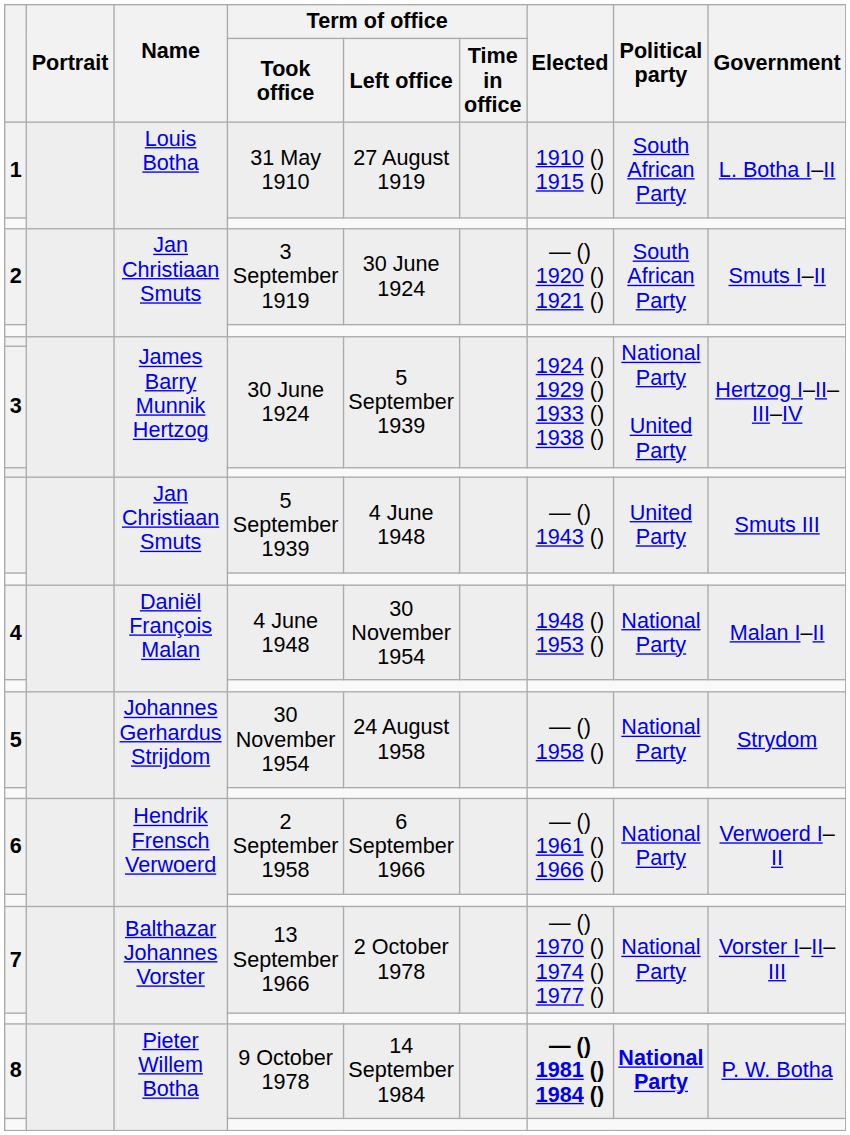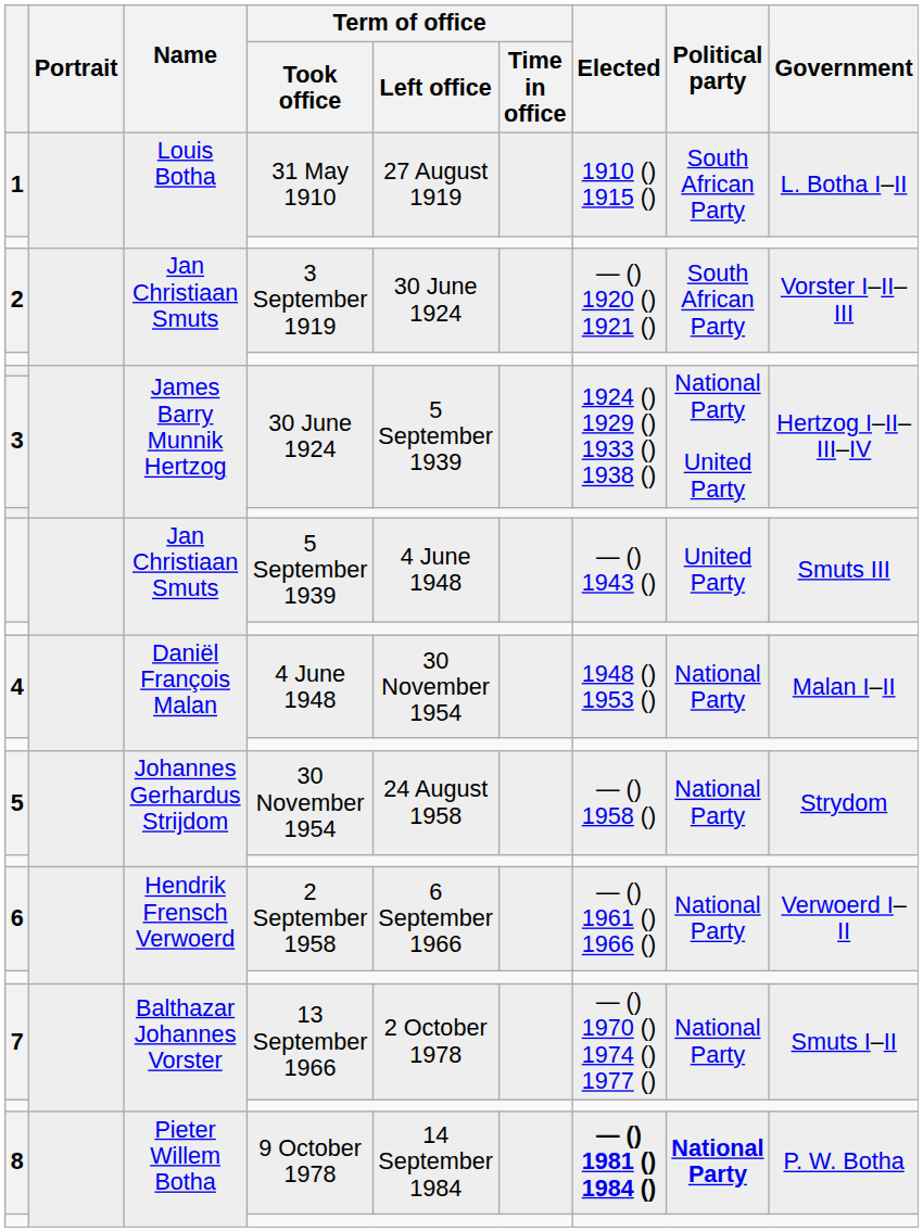 <table class="wikitable" style="width:100%; text-align:center;">
 <tr>
 <th rowspan="2"></th>
 <th rowspan="2" width=100px>Portrait</th>
 <th rowspan="2" width=25%>Name<br><br></th>
 <th colspan="3">Term of office</th>
 <th rowspan="2">Elected<br></th>
 <th rowspan="2">Political party</th>
 <th rowspan="2">Government</th>
 </tr>
 <tr>
 <th>Took office</th>
 <th>Left office</th>
 <th>Time in office</th>
 </tr>
 <tr style="background:#EEEEEE">
 <th style="background:">1</th>
 <td rowspan="2"></td>
 <td rowspan="2"><a href='#'>Louis Botha</a><br><br><br></td>
 <td>31 May 1910</td>
 <td>27 August 1919</td>
 <td></td>
 <td><a href='#'>1910</a> ()<br><a href='#'>1915</a> ()</td>
 <td><a href='#'>South African Party</a></td>
 <td><a href='#'>L. Botha I</a>–<a href='#'>II</a></td>
 </tr>
 <tr>
 <td colspan="6"></td>
 </tr>
 <tr style="background:#EEEEEE">
 <th style="background:">2</th>
 <td rowspan="2"></td>
 <td rowspan="2"><a href='#'>Jan Christiaan Smuts</a><br><br></td>
 <td>3 September 1919</td>
 <td>30 June 1924</td>
 <td></td>
 <td>— ()<br><a href='#'>1920</a> ()<br><a href='#'>1921</a> ()</td>
 <td><a href='#'>South African Party</a></td>
-<td><a href='#'>Smuts I</a>–<a href='#'>II</a></td>
+<td><a href='#'>Vorster I</a>–<a href='#'>II</a>–<a href='#'>III</a></td>
 </tr>
 <tr>
 <td colspan="6"></td>
 </tr>
 <tr style="background:#EEEEEE">
 <th style="background:"></th>
 <td rowspan="4"></td>
 <td rowspan="4"><a href='#'>James Barry Munnik Hertzog</a><br><br></td>
 <td rowspan="2">30 June 1924</td>
 <td rowspan="2">5 September 1939</td>
 <td rowspan="2"></td>
 <td rowspan="2"><a href='#'>1924</a> ()<br><a href='#'>1929</a> ()<br><a href='#'>1933</a> ()<br><a href='#'>1938</a> ()</td>
 <td rowspan="2"><a href='#'>National Party</a> <br><br><a href='#'>United Party</a> <br></td>
 <td rowspan="2"><a href='#'>Hertzog I</a>–<a href='#'>II</a>–<a href='#'>III</a>–<a href='#'>IV</a></td>
 </tr>
 <tr>
 <th rowspan="2">3</th>
 </tr>
 <tr>
 <td colspan="6" rowspan="2"></td>
 </tr>
 <tr>
 <th style="background:"></th>
 </tr>
 <tr style="background:#EEEEEE">
 <th style="background:"></th>
 <td rowspan="2"></td>
 <td rowspan="2"><a href='#'>Jan Christiaan Smuts</a><br><br></td>
 <td>5 September 1939</td>
 <td>4 June 1948</td>
 <td></td>
 <td>— ()<br><a href='#'>1943</a> ()</td>
 <td><a href='#'>United Party</a></td>
 <td><a href='#'>Smuts III</a></td>
 </tr>
 <tr>
 <td colspan="6"></td>
 </tr>
 <tr style="background:#EEEEEE">
 <th style="background:">4</th>
 <td rowspan="2"></td>
 <td rowspan="2"><a href='#'>Daniël François Malan</a><br><br></td>
 <td>4 June 1948</td>
 <td>30 November 1954</td>
 <td></td>
 <td><a href='#'>1948</a> ()<br><a href='#'>1953</a> ()</td>
 <td><a href='#'>National Party</a></td>
 <td><a href='#'>Malan I</a>–<a href='#'>II</a></td>
 </tr>
 <tr>
 <td colspan="6"></td>
 </tr>
 <tr style="background:#EEEEEE">
 <th style="background:">5</th>
 <td rowspan="2"></td>
 <td rowspan="2"><a href='#'>Johannes Gerhardus Strijdom</a><br><br></td>
 <td>30 November 1954</td>
 <td>24 August 1958</td>
 <td></td>
 <td>— ()<br><a href='#'>1958</a> ()</td>
 <td><a href='#'>National Party</a></td>
 <td><a href='#'>Strydom</a></td>
 </tr>
 <tr>
 <td colspan="6"></td>
 </tr>
 <tr style="background:#EEEEEE">
 <th style="background:">6</th>
 <td rowspan="2"></td>
 <td rowspan="2"><a href='#'>Hendrik Frensch Verwoerd</a><br><br></td>
 <td>2 September 1958</td>
 <td>6 September 1966</td>
 <td></td>
 <td>— ()<br><a href='#'>1961</a> ()<br><a href='#'>1966</a> ()</td>
 <td><a href='#'>National Party</a></td>
 <td><a href='#'>Verwoerd I</a>–<a href='#'>II</a></td>
 </tr>
 <tr>
 <td colspan="6"></td>
 </tr>
 <tr style="background:#EEEEEE">
 <th style="background:">7</th>
 <td rowspan="2"></td>
 <td rowspan="2"><a href='#'>Balthazar Johannes Vorster</a><br><br></td>
 <td>13 September 1966</td>
 <td>2 October 1978</td>
 <td></td>
 <td>— ()<br><a href='#'>1970</a> ()<br><a href='#'>1974</a> ()<br><a href='#'>1977</a> ()</td>
 <td><a href='#'>National Party</a></td>
-<td><a href='#'>Vorster I</a>–<a href='#'>II</a>–<a href='#'>III</a></td>
+<td><a href='#'>Smuts I</a>–<a href='#'>II</a></td>
 </tr>
 <tr>
 <td colspan="6"></td>
 </tr>
 <tr style="background:#EEEEEE">
 <th style="background:">8</th>
 <td rowspan="2"></td>
 <td rowspan="2"><a href='#'>Pieter Willem Botha</a><br><br></td>
 <td>9 October 1978</td>
 <td>14 September 1984</td>
 <td></td>
 <td><strong>— ()<br><a href='#'>1981</a> (<a href='#'></a>)<br><a href='#'>1984</a> ()</strong></td>
 <td><strong><a href='#'>National Party</a></strong></td>
 <td><a href='#'>P. W. Botha</a></td>
 </tr>
 <tr>
 <td colspan="6"></td>
 </tr>
 </table>
